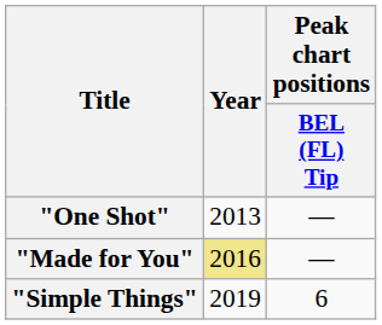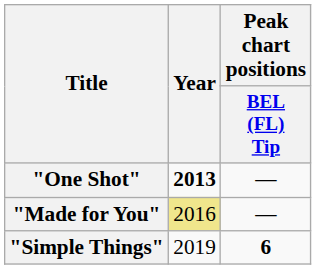 <table class="wikitable plainrowheaders" style="text-align:center">
 <tr>
 <th scope="col" rowspan="2">Title</th>
 <th scope="col" rowspan="2">Year</th>
 <th scope="col" colspan="1">Peak chart positions</th>
 </tr>
 <tr>
 <th scope="col" style="width:3em;font-size:90%;"><a href='#'>BEL<br>(FL)<br>Tip</a><br></th>
 </tr>
 <tr>
 <th scope="row">"One Shot"</th>
-<td>2013</td>
+<td><strong>2013</strong></td>
 <td>—</td>
 </tr>
 <tr>
 <th scope="row">"Made for You"</th>
 <td style="background: khaki;">2016</td>
 <td>—</td>
 </tr>
 <tr>
 <th scope="row">"Simple Things"<br></th>
 <td>2019</td>
-<td>6</td>
+<td><strong>6</strong></td>
 </tr>
 </table>
